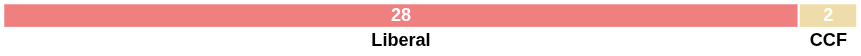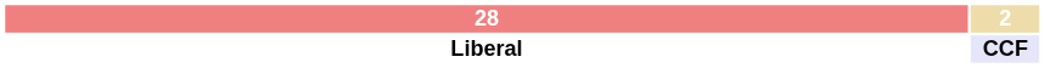 <table style="width:60%; text-align:center;">
 <tr style="color:white;">
 <td style="background:#F08080; width:93.33%;"><strong>28</strong></td>
 <td style="background:#EEDDAA; width:6.67%;"><strong>2</strong></td>
 </tr>
 <tr>
 <td><span><strong>Liberal</strong></span></td>
-<td><span><strong>CCF</strong></span></td>
+<td style="background: lavender;"><span><strong>CCF</strong></span></td>
 </tr>
 </table>
